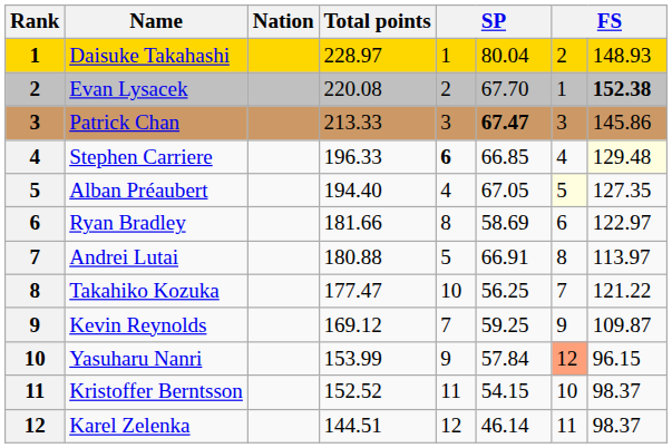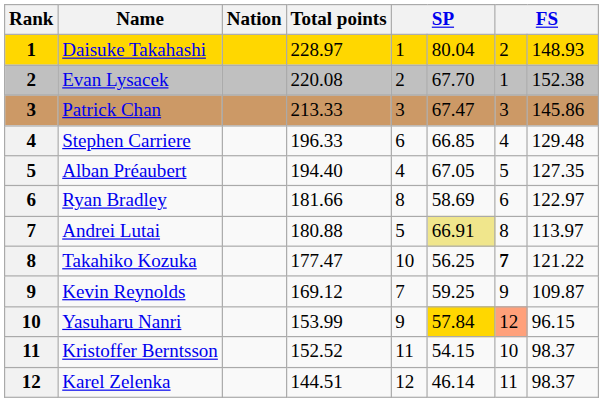 <table class="wikitable">
 <tr>
 <th>Rank</th>
 <th>Name</th>
 <th>Nation</th>
 <th>Total points</th>
 <th colspan="2" width="80px"><a href='#'>SP</a></th>
 <th colspan="2" width="80px"><a href='#'>FS</a></th>
 </tr>
 <tr bgcolor="gold">
 <td align="center"><strong>1</strong></td>
 <td><a href='#'>Daisuke Takahashi</a></td>
 <td></td>
 <td>228.97</td>
 <td>1</td>
 <td>80.04</td>
 <td>2</td>
 <td>148.93</td>
 </tr>
 <tr bgcolor="silver">
 <td align="center"><strong>2</strong></td>
 <td><a href='#'>Evan Lysacek</a></td>
 <td></td>
 <td>220.08</td>
 <td>2</td>
 <td>67.70</td>
 <td>1</td>
-<td><strong>152.38</strong></td>
+<td>152.38</td>
 </tr>
 <tr bgcolor="cc9966">
 <td align="center"><strong>3</strong></td>
 <td><a href='#'>Patrick Chan</a></td>
 <td></td>
 <td>213.33</td>
 <td>3</td>
-<td><strong>67.47</strong></td>
+<td>67.47</td>
 <td>3</td>
 <td>145.86</td>
 </tr>
 <tr>
 <th>4</th>
 <td><a href='#'>Stephen Carriere</a></td>
 <td></td>
 <td>196.33</td>
-<td><strong>6</strong></td>
+<td>6</td>
 <td>66.85</td>
 <td>4</td>
-<td style="background: lightyellow;">129.48</td>
+<td>129.48</td>
 </tr>
 <tr>
 <th>5</th>
 <td><a href='#'>Alban Préaubert</a></td>
 <td></td>
 <td>194.40</td>
 <td>4</td>
 <td>67.05</td>
-<td style="background: lightyellow;">5</td>
+<td>5</td>
 <td>127.35</td>
 </tr>
 <tr>
 <th>6</th>
 <td><a href='#'>Ryan Bradley</a></td>
 <td></td>
 <td>181.66</td>
 <td>8</td>
 <td>58.69</td>
 <td>6</td>
 <td>122.97</td>
 </tr>
 <tr>
 <th>7</th>
 <td><a href='#'>Andrei Lutai</a></td>
 <td></td>
 <td>180.88</td>
 <td>5</td>
-<td>66.91</td>
+<td style="background: khaki;">66.91</td>
 <td>8</td>
 <td>113.97</td>
 </tr>
 <tr>
 <th>8</th>
 <td><a href='#'>Takahiko Kozuka</a></td>
 <td></td>
 <td>177.47</td>
 <td>10</td>
 <td>56.25</td>
-<td>7</td>
+<td><strong>7</strong></td>
 <td>121.22</td>
 </tr>
 <tr>
 <th>9</th>
 <td><a href='#'>Kevin Reynolds</a></td>
 <td></td>
 <td>169.12</td>
 <td>7</td>
 <td>59.25</td>
 <td>9</td>
 <td>109.87</td>
 </tr>
 <tr>
 <th>10</th>
 <td><a href='#'>Yasuharu Nanri</a></td>
 <td></td>
 <td>153.99</td>
 <td>9</td>
-<td>57.84</td>
+<td style="background: gold;">57.84</td>
 <td style="background: lightsalmon;">12</td>
 <td>96.15</td>
 </tr>
 <tr>
 <th>11</th>
 <td><a href='#'>Kristoffer Berntsson</a></td>
 <td></td>
 <td>152.52</td>
 <td>11</td>
 <td>54.15</td>
 <td>10</td>
 <td>98.37</td>
 </tr>
 <tr>
 <th>12</th>
 <td><a href='#'>Karel Zelenka</a></td>
 <td></td>
 <td>144.51</td>
 <td>12</td>
 <td>46.14</td>
 <td>11</td>
 <td>98.37</td>
 </tr>
 </table>
